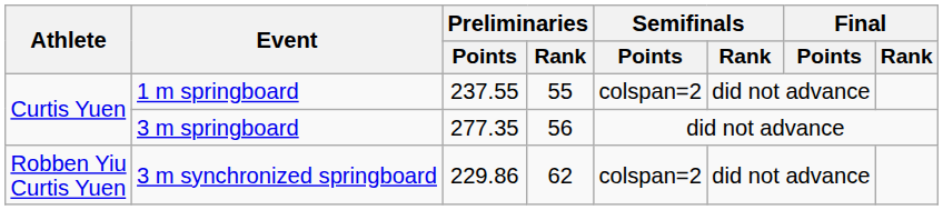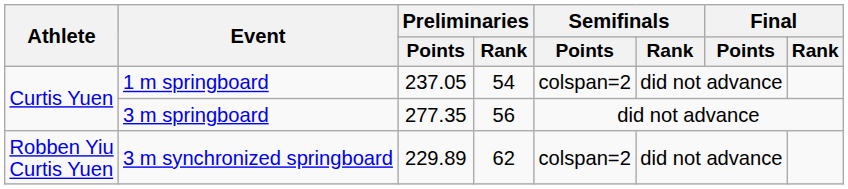 <table class="wikitable" style="text-align:center; font-size:90%;">
 <tr>
 <th rowspan=2>Athlete</th>
 <th rowspan=2>Event</th>
 <th colspan=2>Preliminaries</th>
 <th colspan=2>Semifinals</th>
 <th colspan=2>Final</th>
 </tr>
 <tr style="font-size:95%">
 <th>Points</th>
 <th>Rank</th>
 <th>Points</th>
 <th>Rank</th>
 <th>Points</th>
 <th>Rank</th>
 </tr>
 <tr>
 <td align=left rowspan=2><a href='#'>Curtis Yuen</a></td>
 <td align=left><a href='#'>1 m springboard</a></td>
-<td>237.55</td>
-<td>55</td>
+<td>237.05</td>
+<td>54</td>
 <td>colspan=2 </td>
 <td colspan=2>did not advance</td>
 </tr>
 <tr>
 <td align=left><a href='#'>3 m springboard</a></td>
 <td>277.35</td>
 <td>56</td>
 <td colspan=4>did not advance</td>
 </tr>
 <tr>
 <td align=left><a href='#'>Robben Yiu</a><br> <a href='#'>Curtis Yuen</a></td>
 <td align=left><a href='#'>3 m synchronized springboard</a></td>
-<td>229.86</td>
+<td>229.89</td>
 <td>62</td>
 <td>colspan=2 </td>
 <td colspan=2>did not advance</td>
 </tr>
 </table>
